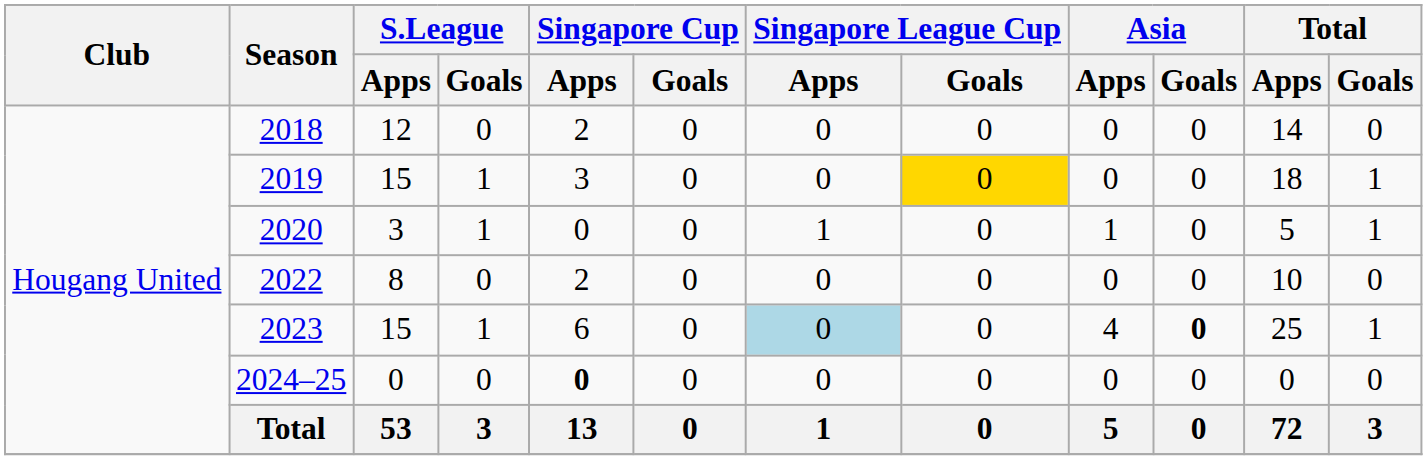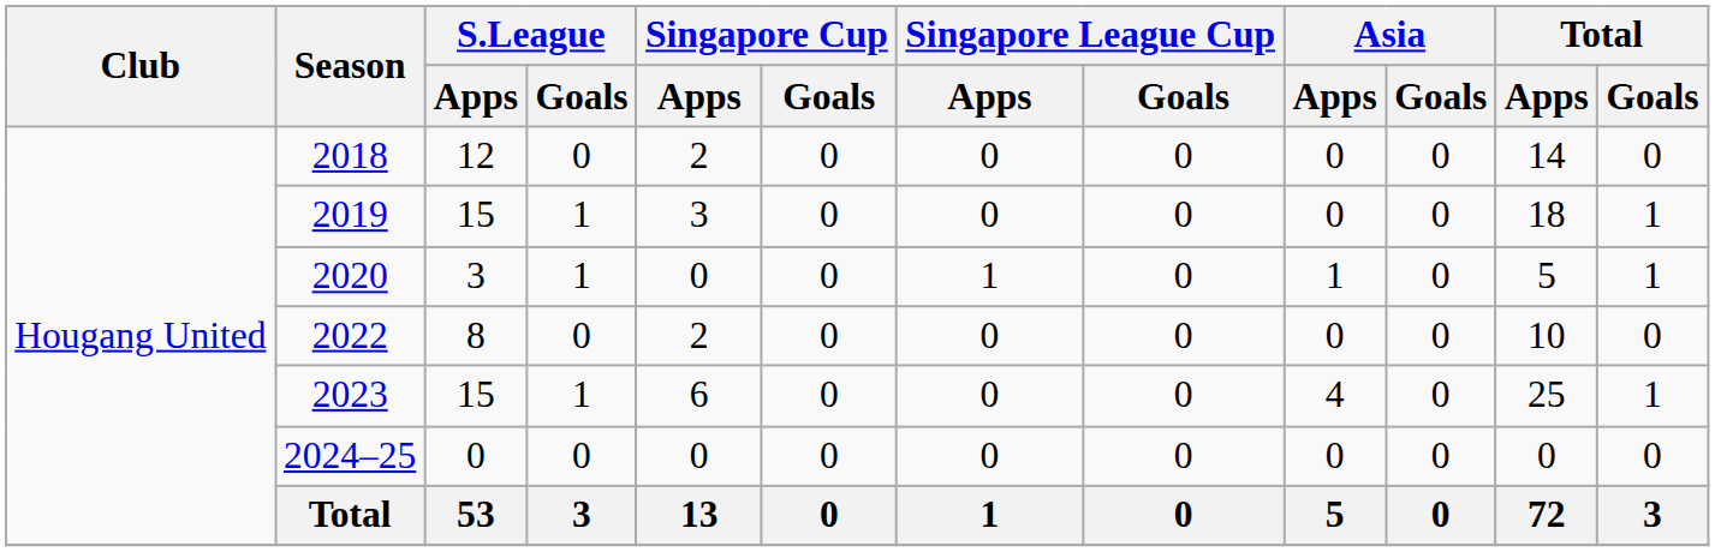 <table style="text-align:center" class="wikitable">
 <tr>
 <th rowspan="2">Club</th>
 <th rowspan="2">Season</th>
 <th colspan="2"><a href='#'>S.League</a></th>
 <th colspan="2"><a href='#'>Singapore Cup</a></th>
 <th colspan="2"><a href='#'>Singapore League Cup</a></th>
 <th colspan="2"><a href='#'>Asia</a></th>
 <th colspan="2">Total</th>
 </tr>
 <tr>
 <th>Apps</th>
 <th>Goals</th>
 <th>Apps</th>
 <th>Goals</th>
 <th>Apps</th>
 <th>Goals</th>
 <th>Apps</th>
 <th>Goals</th>
 <th>Apps</th>
 <th>Goals</th>
 </tr>
 <tr>
 <td rowspan="7"><a href='#'>Hougang United</a></td>
 <td><a href='#'>2018</a></td>
 <td>12</td>
 <td>0</td>
 <td>2</td>
 <td>0</td>
 <td>0</td>
 <td>0</td>
 <td>0</td>
 <td>0</td>
 <td>14</td>
 <td>0</td>
 </tr>
 <tr>
 <td><a href='#'>2019</a></td>
 <td>15</td>
 <td>1</td>
 <td>3</td>
 <td>0</td>
 <td>0</td>
-<td style="background: gold;">0</td>
+<td>0</td>
 <td>0</td>
 <td>0</td>
 <td>18</td>
 <td>1</td>
 </tr>
 <tr>
 <td><a href='#'>2020</a></td>
 <td>3</td>
 <td>1</td>
 <td>0</td>
 <td>0</td>
 <td>1</td>
 <td>0</td>
 <td>1</td>
 <td>0</td>
 <td>5</td>
 <td>1</td>
 </tr>
 <tr>
 <td><a href='#'>2022</a></td>
 <td>8</td>
 <td>0</td>
 <td>2</td>
 <td>0</td>
 <td>0</td>
 <td>0</td>
 <td>0</td>
 <td>0</td>
 <td>10</td>
 <td>0</td>
 </tr>
 <tr>
 <td><a href='#'>2023</a></td>
 <td>15</td>
 <td>1</td>
 <td>6</td>
 <td>0</td>
-<td style="background: lightblue;">0</td>
+<td>0</td>
 <td>0</td>
 <td>4</td>
-<td><strong>0</strong></td>
+<td>0</td>
 <td>25</td>
 <td>1</td>
 </tr>
 <tr>
 <td><a href='#'>2024–25</a></td>
 <td>0</td>
 <td>0</td>
-<td><strong>0</strong></td>
+<td>0</td>
 <td>0</td>
 <td>0</td>
 <td>0</td>
 <td>0</td>
 <td>0</td>
 <td>0</td>
 <td>0</td>
 </tr>
 <tr>
 <th>Total</th>
 <th>53</th>
 <th>3</th>
 <th>13</th>
 <th>0</th>
 <th>1</th>
 <th>0</th>
 <th>5</th>
 <th>0</th>
 <th>72</th>
 <th>3</th>
 </tr>
 <tr>
 </tr>
 </table>
